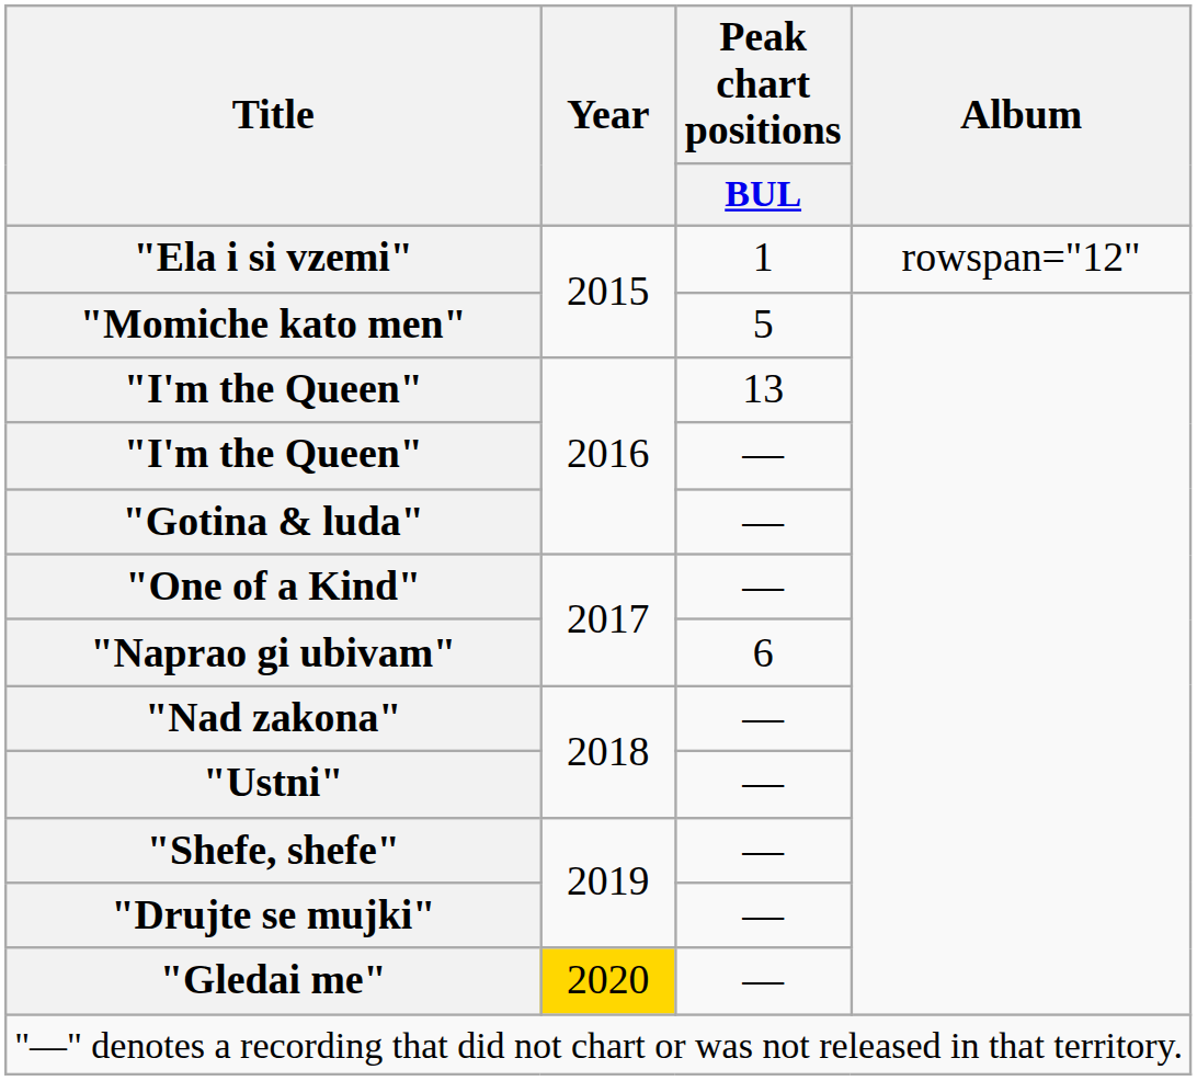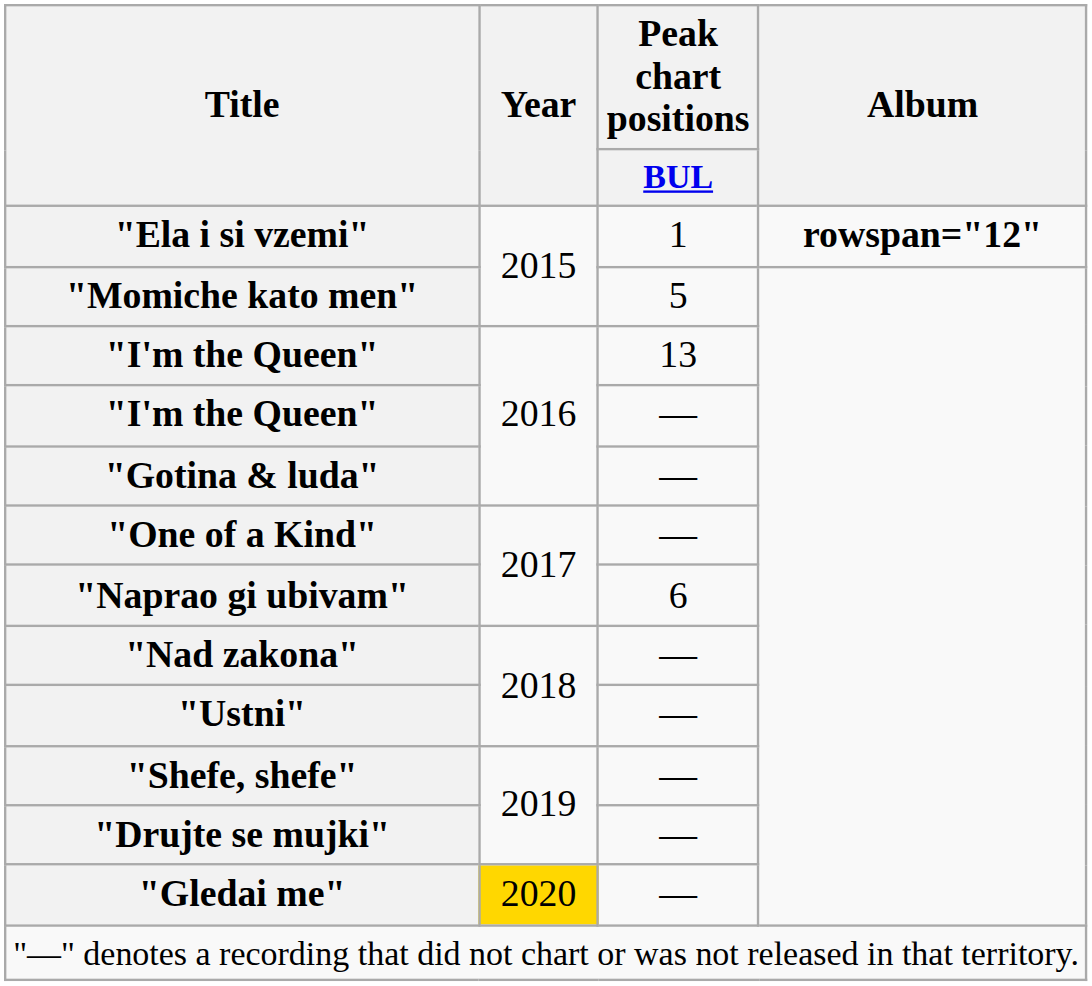 <table class="wikitable plainrowheaders" style="text-align:center;">
 <tr>
 <th scope="col" rowspan="2">Title</th>
 <th scope="col" rowspan="2">Year</th>
 <th colspan="1" scope="">Peak chart positions</th>
 <th scope="col" rowspan="2">Album</th>
 </tr>
 <tr>
 <th scope="col" style="width:2.2em;font-size:90%;"><a href='#'>BUL</a></th>
 </tr>
 <tr>
 <th scope="row">"Ela i si vzemi"<br></th>
 <td rowspan="2">2015</td>
 <td>1</td>
-<td>rowspan="12" </td>
+<td><strong>rowspan="12" </strong></td>
 </tr>
 <tr>
 <th scope="row">"Momiche kato men"</th>
 <td>5</td>
 </tr>
 <tr>
 <th scope="row">"I'm the Queen"<br></th>
 <td rowspan="3">2016</td>
 <td>13</td>
 </tr>
 <tr>
 <th scope="row">"I'm the Queen"<br></th>
 <td>—</td>
 </tr>
 <tr>
 <th scope="row">"Gotina & luda"</th>
 <td>—</td>
 </tr>
 <tr>
 <th scope="row">"One of a Kind"</th>
 <td rowspan="2">2017</td>
 <td>—</td>
 </tr>
 <tr>
 <th scope="row">"Naprao gi ubivam"<br></th>
 <td>6</td>
 </tr>
 <tr>
 <th scope="row">"Nad zakona"</th>
 <td rowspan="2">2018</td>
 <td>—</td>
 </tr>
 <tr>
 <th scope="row">"Ustni"</th>
 <td>—</td>
 </tr>
 <tr>
 <th scope="row">"Shefe, shefe" <br></th>
 <td rowspan="2">2019</td>
 <td>—</td>
 </tr>
 <tr>
 <th scope="row">"Drujte se mujki"<br></th>
 <td>—</td>
 </tr>
 <tr>
 <th scope="row">"Gledai me" <br></th>
 <td rowspan="1" style="background: gold;">2020</td>
 <td>—</td>
 </tr>
 <tr>
 <td colspan="4" style="font-size:90%">"—" denotes a recording that did not chart or was not released in that territory.</td>
 </tr>
 </table>
